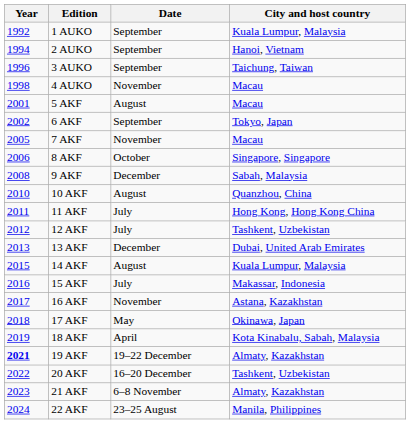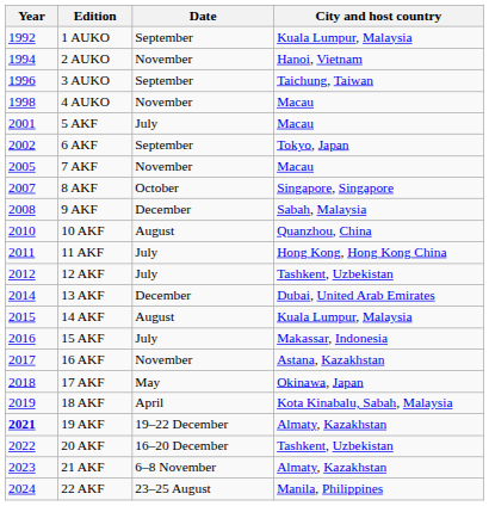 <table class="wikitable">
 <tr>
 <th style="width: 55px;">Year</th>
 <th style="width: 80px;">Edition</th>
 <th style="width: 160px;">Date</th>
 <th style="width: 240px;">City and host country</th>
 </tr>
 <tr>
 <td><a href='#'>1992</a></td>
 <td>1 AUKO</td>
 <td>September</td>
 <td align="left"> <a href='#'>Kuala Lumpur</a>, <a href='#'>Malaysia</a></td>
 </tr>
 <tr>
 <td><a href='#'>1994</a></td>
 <td>2 AUKO</td>
-<td>September</td>
+<td>November</td>
 <td align="left"> <a href='#'>Hanoi</a>, <a href='#'>Vietnam</a></td>
 </tr>
 <tr>
 <td><a href='#'>1996</a></td>
 <td>3 AUKO</td>
 <td>September</td>
 <td align="left"> <a href='#'>Taichung</a>, <a href='#'>Taiwan</a></td>
 </tr>
 <tr>
 <td><a href='#'>1998</a></td>
 <td>4 AUKO</td>
 <td>November</td>
 <td align="left"> <a href='#'>Macau</a></td>
 </tr>
 <tr>
 <td><a href='#'>2001</a></td>
 <td>5 AKF</td>
-<td>August</td>
+<td>July</td>
 <td align="left"> <a href='#'>Macau</a></td>
 </tr>
 <tr>
 <td><a href='#'>2002</a></td>
 <td>6 AKF</td>
 <td>September</td>
 <td align="left"> <a href='#'>Tokyo</a>, <a href='#'>Japan</a></td>
 </tr>
 <tr>
 <td><a href='#'>2005</a></td>
 <td>7 AKF</td>
 <td>November</td>
 <td align="left"> <a href='#'>Macau</a></td>
 </tr>
 <tr>
-<td><a href='#'>2006</a></td>
+<td><a href='#'>2007</a></td>
 <td>8 AKF</td>
 <td>October</td>
 <td align="left"> <a href='#'>Singapore</a>, <a href='#'>Singapore</a></td>
 </tr>
 <tr>
 <td><a href='#'>2008</a></td>
 <td>9 AKF</td>
 <td>December</td>
 <td align="left"> <a href='#'>Sabah</a>, <a href='#'>Malaysia</a></td>
 </tr>
 <tr>
 <td><a href='#'>2010</a></td>
 <td>10 AKF</td>
 <td>August</td>
 <td align="left"> <a href='#'>Quanzhou</a>, <a href='#'>China</a></td>
 </tr>
 <tr>
 <td><a href='#'>2011</a></td>
 <td>11 AKF</td>
 <td>July</td>
 <td align="left"> <a href='#'>Hong Kong</a>, <a href='#'>Hong Kong China</a></td>
 </tr>
 <tr>
 <td><a href='#'>2012</a></td>
 <td>12 AKF</td>
 <td>July</td>
 <td align="left"> <a href='#'>Tashkent</a>, <a href='#'>Uzbekistan</a></td>
 </tr>
 <tr>
-<td><a href='#'>2013</a></td>
+<td><a href='#'>2014</a></td>
 <td>13 AKF</td>
 <td>December</td>
 <td align="left"> <a href='#'>Dubai</a>, <a href='#'>United Arab Emirates</a></td>
 </tr>
 <tr>
 <td><a href='#'>2015</a></td>
 <td>14 AKF</td>
 <td>August</td>
 <td align="left"> <a href='#'>Kuala Lumpur</a>, <a href='#'>Malaysia</a></td>
 </tr>
 <tr>
 <td><a href='#'>2016</a></td>
 <td>15 AKF</td>
 <td>July</td>
 <td align="left"> <a href='#'>Makassar</a>, <a href='#'>Indonesia</a></td>
 </tr>
 <tr>
 <td><a href='#'>2017</a></td>
 <td>16 AKF</td>
 <td>November</td>
 <td align="left"> <a href='#'>Astana</a>, <a href='#'>Kazakhstan</a></td>
 </tr>
 <tr>
 <td><a href='#'>2018</a></td>
 <td>17 AKF</td>
 <td>May</td>
 <td align="left"> <a href='#'>Okinawa</a>, <a href='#'>Japan</a></td>
 </tr>
 <tr>
 <td><a href='#'>2019</a></td>
 <td>18 AKF</td>
 <td>April</td>
 <td align="left"> <a href='#'>Kota Kinabalu, Sabah</a>, <a href='#'>Malaysia</a></td>
 </tr>
 <tr>
 <td><strong><a href='#'>2021</a></strong></td>
 <td>19 AKF</td>
 <td>19–22 December</td>
 <td align="left"> <a href='#'>Almaty</a>, <a href='#'>Kazakhstan</a></td>
 </tr>
 <tr>
 <td><a href='#'>2022</a></td>
 <td>20 AKF</td>
 <td>16–20 December</td>
 <td align="left"> <a href='#'>Tashkent</a>, <a href='#'>Uzbekistan</a></td>
 </tr>
 <tr>
 <td><a href='#'>2023</a></td>
 <td>21 AKF</td>
 <td>6–8 November</td>
 <td align="left"> <a href='#'>Almaty</a>, <a href='#'>Kazakhstan</a></td>
 </tr>
 <tr>
 <td><a href='#'>2024</a></td>
 <td>22 AKF</td>
 <td>23–25 August</td>
 <td align="left"> <a href='#'>Manila</a>, <a href='#'>Philippines</a></td>
 </tr>
 </table>
